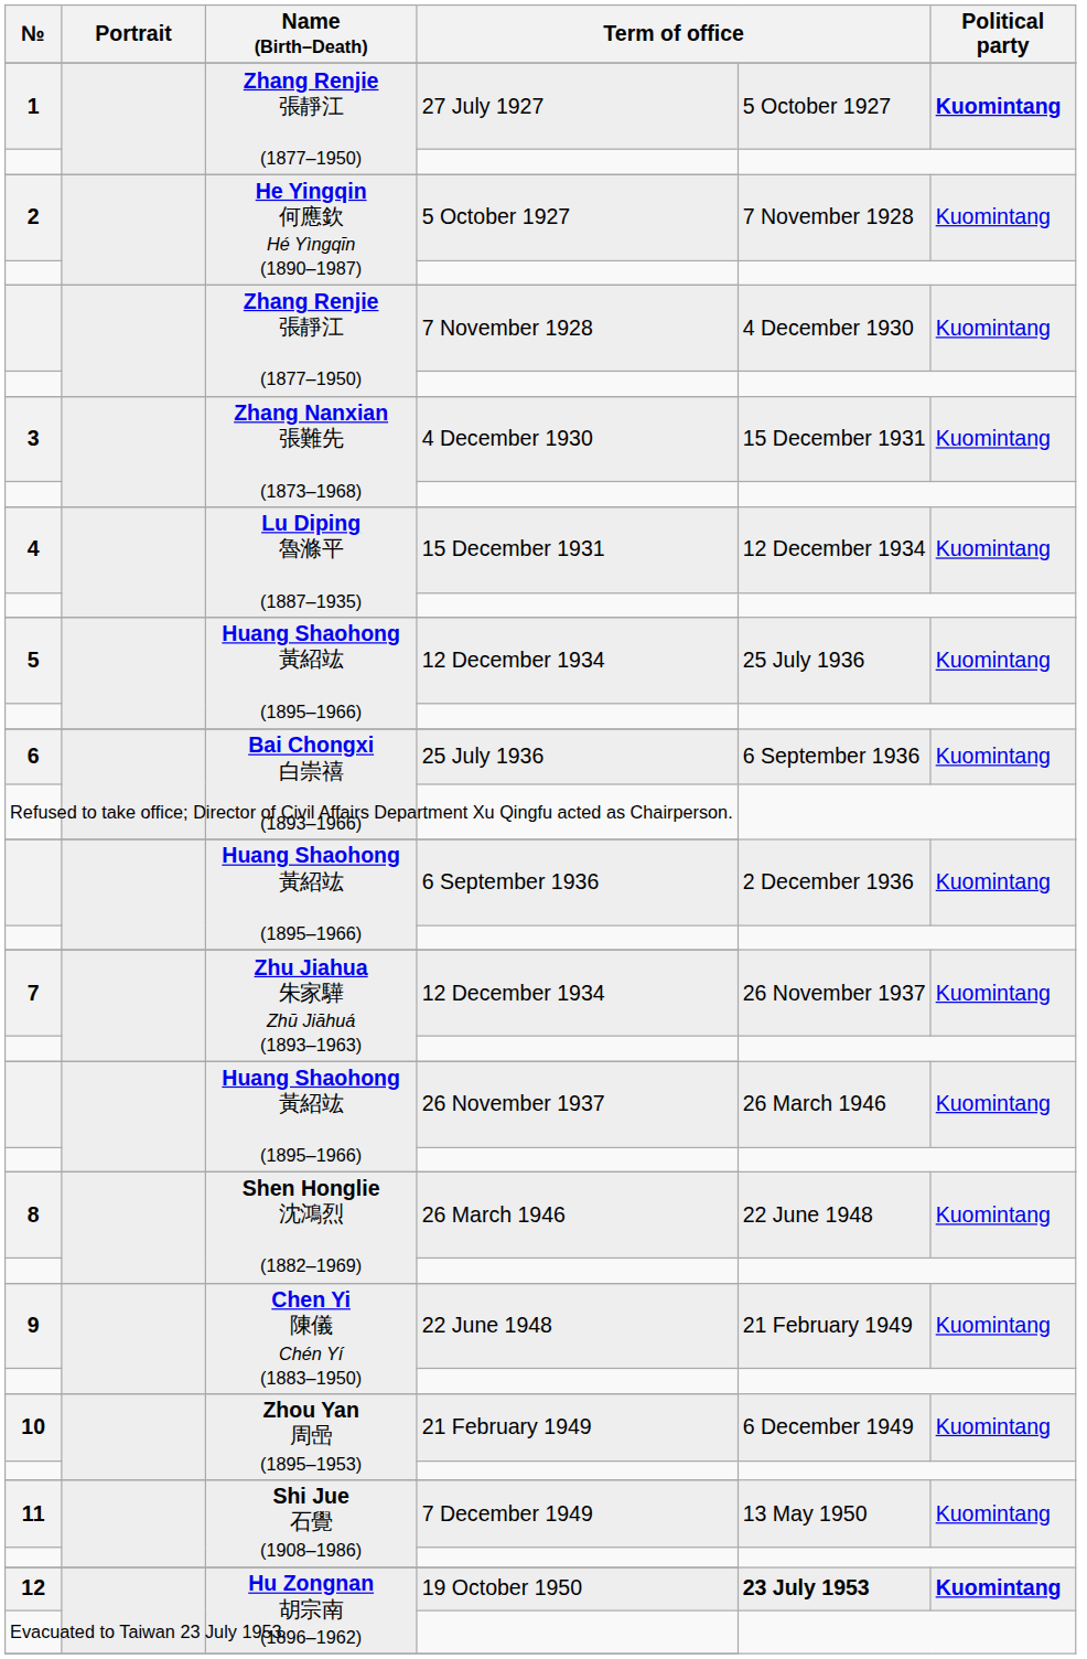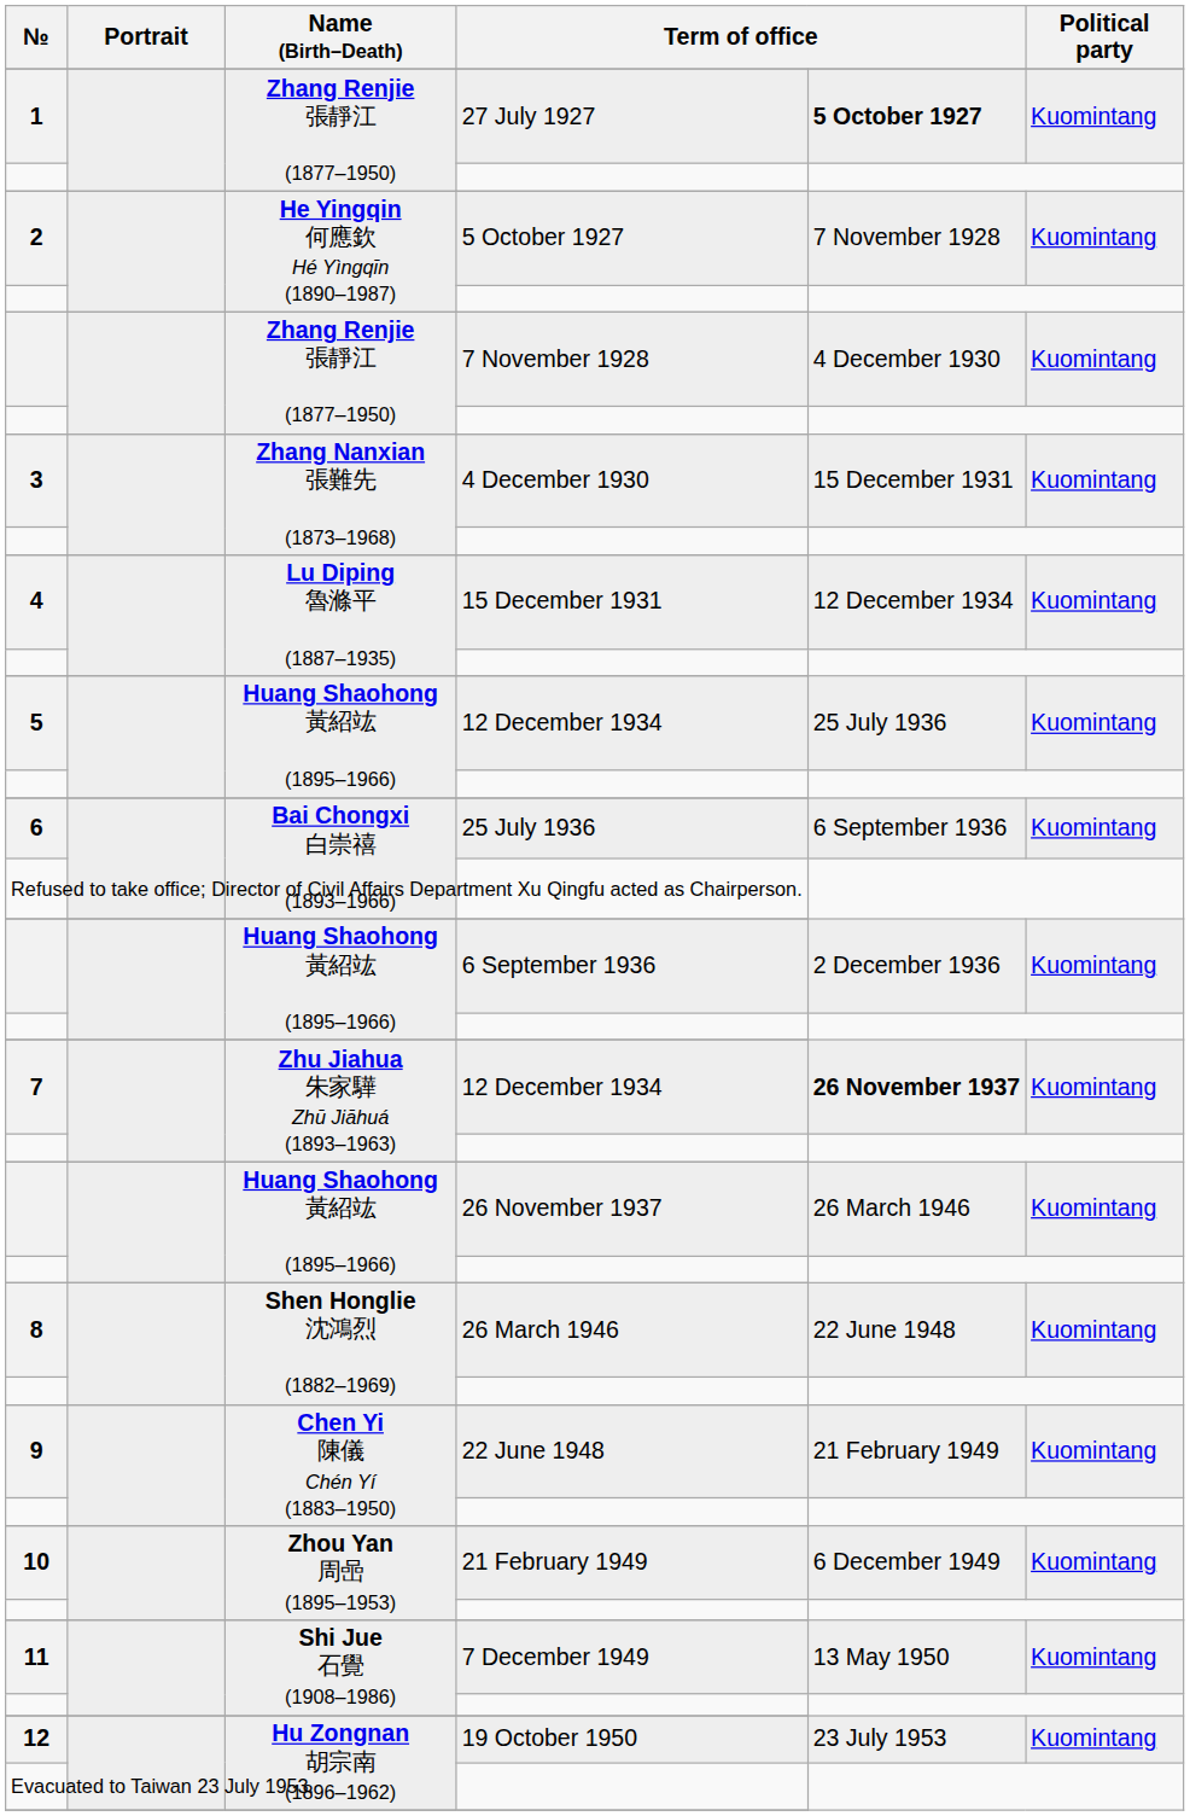 <table class="wikitable">
 <tr ->
 <th>№</th>
 <th>Portrait</th>
 <th width=150px>Name<br><small>(Birth–Death)</small></th>
 <th colspan=2 width=200px>Term of office</th>
 <th width=100px>Political party</th>
 </tr>
 <tr ->
 </tr>
 <tr - bgcolor=#EEEEEE>
 <th style="background:">1</th>
 <td rowspan=2 align=center></td>
 <td rowspan=2 align=center><strong><a href='#'>Zhang Renjie</a></strong><br><span>張靜江</span><br><small><br>(1877–1950)</small></td>
 <td>27 July 1927</td>
-<td>5 October 1927</td>
-<td><strong><a href='#'>Kuomintang</a></strong></td>
+<td><strong>5 October 1927</strong></td>
+<td><a href='#'>Kuomintang</a></td>
 </tr>
 <tr>
 <td colspan=4><small></small></td>
 </tr>
 <tr ->
 </tr>
 <tr - bgcolor=#EEEEEE>
 <th style="background:">2</th>
 <td rowspan=2 align=center></td>
 <td rowspan=2 align=center><strong><a href='#'>He Yingqin</a></strong><br><span>何應欽</span><br><small><em>Hé Yìngqīn</em><br>(1890–1987)</small></td>
 <td>5 October 1927</td>
 <td>7 November 1928</td>
 <td><a href='#'>Kuomintang</a></td>
 </tr>
 <tr>
 <td colspan=4><small></small></td>
 </tr>
 <tr ->
 </tr>
 <tr - bgcolor=#EEEEEE>
 <th style="background:"></th>
 <td rowspan=2 align=center></td>
 <td rowspan=2 align=center><strong><a href='#'>Zhang Renjie</a></strong><br><span>張靜江</span><br><small><br>(1877–1950)</small></td>
 <td>7 November 1928</td>
 <td>4 December 1930</td>
 <td><a href='#'>Kuomintang</a></td>
 </tr>
 <tr>
 <td colspan=4><small></small></td>
 </tr>
 <tr ->
 </tr>
 <tr - bgcolor=#EEEEEE>
 <th style="background:">3</th>
 <td rowspan=2 align=center></td>
 <td rowspan=2 align=center><strong><a href='#'>Zhang Nanxian</a></strong><br><span>張難先</span><br><small><br>(1873–1968)</small></td>
 <td>4 December 1930</td>
 <td>15 December 1931</td>
 <td><a href='#'>Kuomintang</a></td>
 </tr>
 <tr>
 <td colspan=4><small></small></td>
 </tr>
 <tr ->
 </tr>
 <tr - bgcolor=#EEEEEE>
 <th style="background:">4</th>
 <td rowspan=2 align=center></td>
 <td rowspan=2 align=center><strong><a href='#'>Lu Diping</a></strong><br><span>魯滌平</span><br><small><br>(1887–1935)</small></td>
 <td>15 December 1931</td>
 <td>12 December 1934</td>
 <td><a href='#'>Kuomintang</a></td>
 </tr>
 <tr>
 <td colspan=4><small></small></td>
 </tr>
 <tr ->
 </tr>
 <tr - bgcolor=#EEEEEE>
 <th style="background:">5</th>
 <td rowspan=2 align=center></td>
 <td rowspan=2 align=center><strong><a href='#'>Huang Shaohong</a></strong><br><span>黃紹竑</span><br><small><br>(1895–1966)</small></td>
 <td>12 December 1934</td>
 <td>25 July 1936</td>
 <td><a href='#'>Kuomintang</a></td>
 </tr>
 <tr>
 <td colspan=4><small></small></td>
 </tr>
 <tr ->
 </tr>
 <tr - bgcolor=#EEEEEE>
 <th style="background:">6</th>
 <td rowspan=2 align=center></td>
 <td rowspan=2 align=center><strong><a href='#'>Bai Chongxi</a></strong><br><span>白崇禧</span><br><small><br>(1893–1966)</small></td>
 <td>25 July 1936</td>
 <td>6 September 1936</td>
 <td><a href='#'>Kuomintang</a></td>
 </tr>
 <tr>
 <td colspan=4><small>Refused to take office; Director of Civil Affairs Department Xu Qingfu acted as Chairperson.</small></td>
 </tr>
 <tr ->
 </tr>
 <tr - bgcolor=#EEEEEE>
 <th style="background:"></th>
 <td rowspan=2 align=center></td>
 <td rowspan=2 align=center><strong><a href='#'>Huang Shaohong</a></strong><br><span>黃紹竑</span><br><small><br>(1895–1966)</small></td>
 <td>6 September 1936</td>
 <td>2 December 1936</td>
 <td><a href='#'>Kuomintang</a></td>
 </tr>
 <tr>
 <td colspan=4><small></small></td>
 </tr>
 <tr ->
 </tr>
 <tr - bgcolor=#EEEEEE>
 <th style="background:">7</th>
 <td rowspan=2 align=center></td>
 <td rowspan=2 align=center><strong><a href='#'>Zhu Jiahua</a></strong><br><span>朱家驊</span><br><small><em>Zhū Jiāhuá</em><br>(1893–1963)</small></td>
 <td>12 December 1934</td>
-<td>26 November 1937</td>
+<td><strong>26 November 1937</strong></td>
 <td><a href='#'>Kuomintang</a></td>
 </tr>
 <tr>
 <td colspan=4><small></small></td>
 </tr>
 <tr ->
 </tr>
 <tr - bgcolor=#EEEEEE>
 <th style="background:"></th>
 <td rowspan=2 align=center></td>
 <td rowspan=2 align=center><strong><a href='#'>Huang Shaohong</a></strong><br><span>黃紹竑</span><br><small><br>(1895–1966)</small></td>
 <td>26 November 1937</td>
 <td>26 March 1946</td>
 <td><a href='#'>Kuomintang</a></td>
 </tr>
 <tr>
 <td colspan=4><small></small></td>
 </tr>
 <tr ->
 </tr>
 <tr - bgcolor=#EEEEEE>
 <th style="background:">8</th>
 <td rowspan=2 align=center></td>
 <td rowspan=2 align=center><strong>Shen Honglie</strong><br><span>沈鴻烈</span><br><small><br>(1882–1969)</small></td>
 <td>26 March 1946</td>
 <td>22 June 1948</td>
 <td><a href='#'>Kuomintang</a></td>
 </tr>
 <tr>
 <td colspan=4><small></small></td>
 </tr>
 <tr ->
 </tr>
 <tr - bgcolor=#EEEEEE>
 <th style="background:">9</th>
 <td rowspan=2 align=center></td>
 <td rowspan=2 align=center><strong><a href='#'>Chen Yi</a></strong><br><span>陳儀</span><br><small><em>Chén Yí</em><br>(1883–1950)</small></td>
 <td>22 June 1948</td>
 <td>21 February 1949</td>
 <td><a href='#'>Kuomintang</a></td>
 </tr>
 <tr>
 <td colspan=4><small></small></td>
 </tr>
 <tr ->
 </tr>
 <tr - bgcolor=#EEEEEE>
 <th style="background:">10</th>
 <td rowspan=2 align=center></td>
 <td rowspan=2 align=center><strong>Zhou Yan</strong><br><span>周喦</span><br><small>(1895–1953)</small></td>
 <td>21 February 1949</td>
 <td>6 December 1949</td>
 <td><a href='#'>Kuomintang</a></td>
 </tr>
 <tr>
 <td colspan=4><small></small></td>
 </tr>
 <tr ->
 </tr>
 <tr - bgcolor=#EEEEEE>
 <th style="background:">11</th>
 <td rowspan=2 align=center></td>
 <td rowspan=2 align=center><strong>Shi Jue</strong><br><span>石覺</span><br><small>(1908–1986)</small></td>
 <td>7 December 1949</td>
 <td>13 May 1950</td>
 <td><a href='#'>Kuomintang</a></td>
 </tr>
 <tr>
 <td colspan=4><small></small></td>
 </tr>
 <tr ->
 </tr>
 <tr - bgcolor=#EEEEEE>
 <th style="background:">12</th>
 <td rowspan=2 align=center></td>
 <td rowspan=2 align=center><strong><a href='#'>Hu Zongnan</a></strong><br><span>胡宗南</span><br><small>(1896–1962)</small></td>
 <td>19 October 1950</td>
-<td><strong>23 July 1953</strong></td>
-<td><strong><a href='#'>Kuomintang</a></strong></td>
+<td>23 July 1953</td>
+<td><a href='#'>Kuomintang</a></td>
 </tr>
 <tr>
 <td colspan=4><small>Evacuated to Taiwan 23 July 1953.</small></td>
 </tr>
 <tr ->
 </tr>
 </table>
